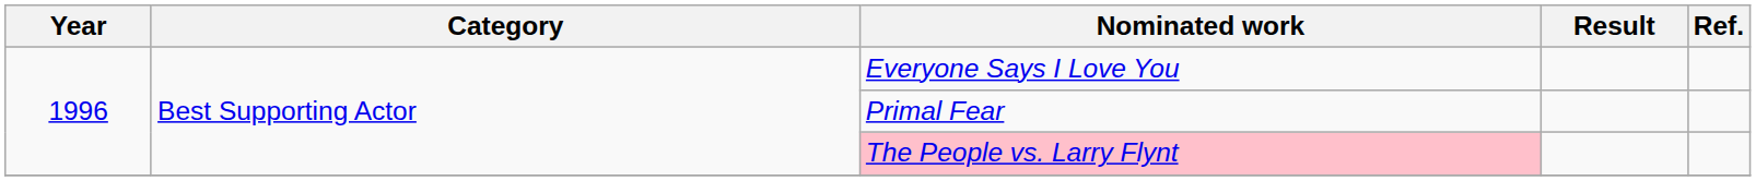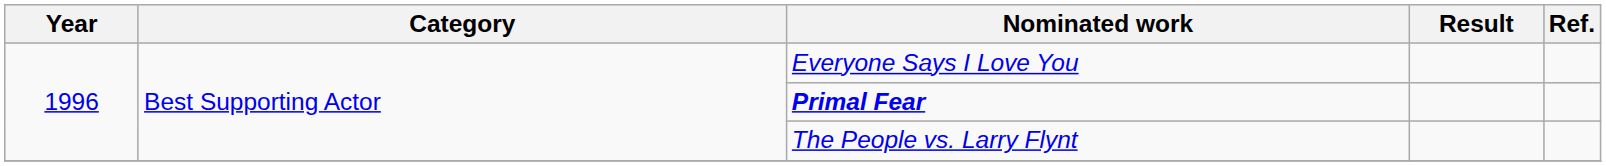 <table class=wikitable>
 <tr>
 <th scope="col" style="width:5em;">Year</th>
 <th scope="col" style="width:26em;">Category</th>
 <th scope="col" style="width:25em;">Nominated work</th>
 <th scope="col" style="width:5em;">Result</th>
 <th>Ref.</th>
 </tr>
 <tr>
 <td style="text-align:center;", rowspan="3"><a href='#'>1996</a></td>
 <td rowspan="3"><a href='#'>Best Supporting Actor</a></td>
 <td><em><a href='#'>Everyone Says I Love You</a></em></td>
 <td></td>
 <td></td>
 </tr>
 <tr>
-<td><em><a href='#'>Primal Fear</a></em></td>
+<td><strong><em><a href='#'>Primal Fear</a></em></strong></td>
 <td></td>
 <td></td>
 </tr>
 <tr>
-<td style="background: pink;"><em><a href='#'>The People vs. Larry Flynt</a></em></td>
+<td><em><a href='#'>The People vs. Larry Flynt</a></em></td>
 <td></td>
 <td></td>
 </tr>
 <tr>
 </tr>
 </table>
